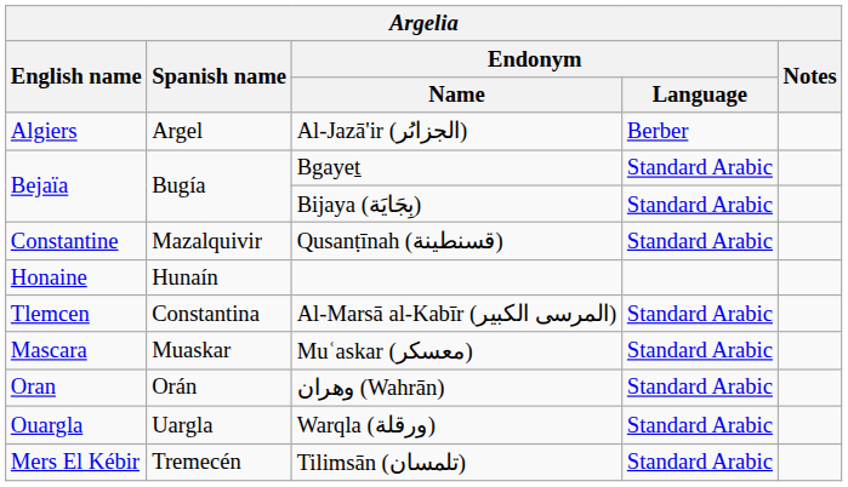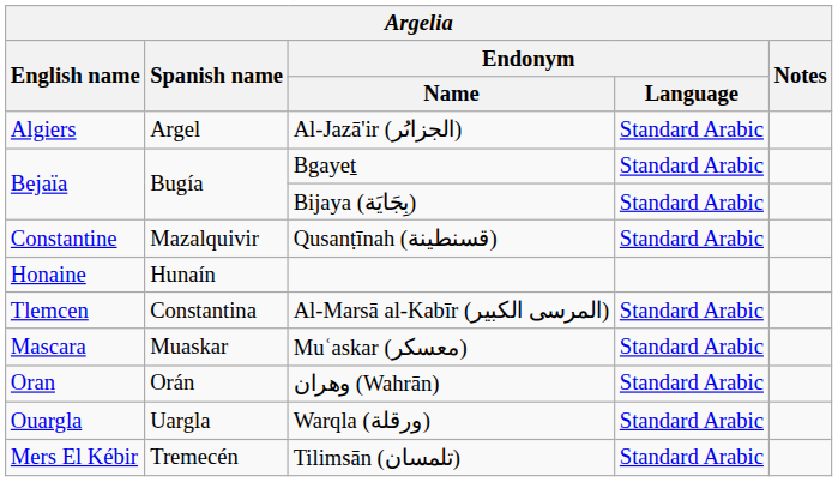 <table class="wikitable sortable">
 <tr>
 <th colspan="5"> <em>Argelia</em></th>
 </tr>
 <tr>
 <th rowspan="2">English name</th>
 <th rowspan="2">Spanish name</th>
 <th colspan="2">Endonym</th>
 <th rowspan="2">Notes</th>
 </tr>
 <tr>
 <th>Name</th>
 <th>Language</th>
 </tr>
 <tr>
 <td><a href='#'>Algiers</a></td>
 <td>Argel</td>
 <td>Al-Jazā'ir (الجزاٮُر)</td>
-<td><a href='#'>Berber</a></td>
+<td><a href='#'>Standard Arabic</a></td>
 <td></td>
 </tr>
 <tr>
 <td rowspan="2"><a href='#'>Bejaïa</a></td>
 <td rowspan="2">Bugía</td>
 <td>Bgayeṯ</td>
 <td><a href='#'>Standard Arabic</a></td>
 <td></td>
 </tr>
 <tr>
 <td>Bijaya (بِجَايَة)</td>
 <td><a href='#'>Standard Arabic</a></td>
 <td></td>
 </tr>
 <tr>
 <td><a href='#'>Constantine</a></td>
 <td>Mazalquivir</td>
 <td>Qusanṭīnah (قسنطينة)</td>
 <td><a href='#'>Standard Arabic</a></td>
 <td></td>
 </tr>
 <tr>
 <td><a href='#'>Honaine</a></td>
 <td>Hunaín</td>
 <td></td>
 <td></td>
 <td></td>
 </tr>
 <tr>
 <td><a href='#'>Tlemcen</a></td>
 <td>Constantina</td>
 <td>Al-Marsā al-Kabīr (المرسى الكبير)</td>
 <td><a href='#'>Standard Arabic</a></td>
 <td></td>
 </tr>
 <tr>
 <td><a href='#'>Mascara</a></td>
 <td>Muaskar</td>
 <td>Muʿaskar (معسكر)</td>
 <td><a href='#'>Standard Arabic</a></td>
 <td></td>
 </tr>
 <tr>
 <td><a href='#'>Oran</a></td>
 <td>Orán</td>
 <td>وهران‎ (Wahrān)</td>
 <td><a href='#'>Standard Arabic</a></td>
 <td></td>
 </tr>
 <tr>
 <td><a href='#'>Ouargla</a></td>
 <td>Uargla</td>
 <td>Warqla (ورقلة)</td>
 <td><a href='#'>Standard Arabic</a></td>
 <td></td>
 </tr>
 <tr>
 <td><a href='#'>Mers El Kébir</a></td>
 <td>Tremecén</td>
 <td>Tilimsān (تلمسان)</td>
 <td><a href='#'>Standard Arabic</a></td>
 <td></td>
 </tr>
 </table>
